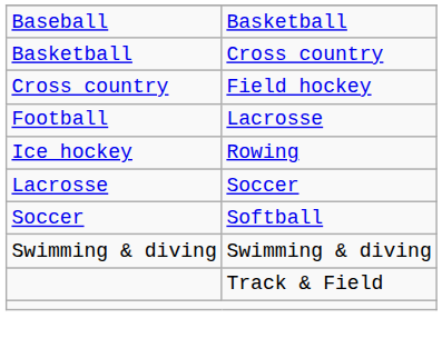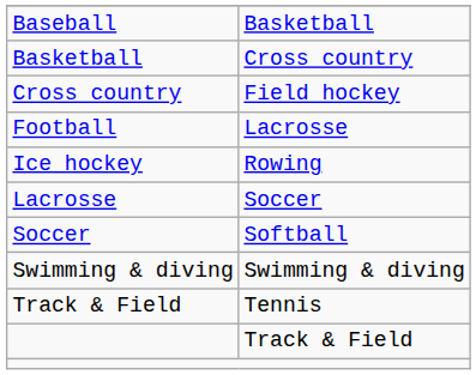 <table class="wikitable" style="float:right; clear:right; margin:0 0 1em 1em;">
 <tr>
 </tr>
 <tr>
 <td><a href='#'>Baseball</a></td>
 <td><a href='#'>Basketball</a></td>
 </tr>
 <tr>
 <td><a href='#'>Basketball</a></td>
 <td><a href='#'>Cross country</a></td>
 </tr>
 <tr>
 <td><a href='#'>Cross country</a></td>
 <td><a href='#'>Field hockey</a></td>
 </tr>
 <tr>
 <td><a href='#'>Football</a></td>
 <td><a href='#'>Lacrosse</a></td>
 </tr>
 <tr>
 <td><a href='#'>Ice hockey</a></td>
 <td><a href='#'>Rowing</a></td>
 </tr>
 <tr>
 <td><a href='#'>Lacrosse</a></td>
 <td><a href='#'>Soccer</a></td>
 </tr>
 <tr>
 <td><a href='#'>Soccer</a></td>
 <td><a href='#'>Softball</a></td>
 </tr>
 <tr>
 <td>Swimming & diving</td>
 <td>Swimming & diving</td>
 </tr>
 <tr>
+<td>Track & Field</td>
+<td>Tennis</td>
+</tr>
+<tr>
 <td></td>
 <td>Track & Field</td>
 </tr>
 <tr>
 <td colspan="2"></td>
 </tr>
 </table>
